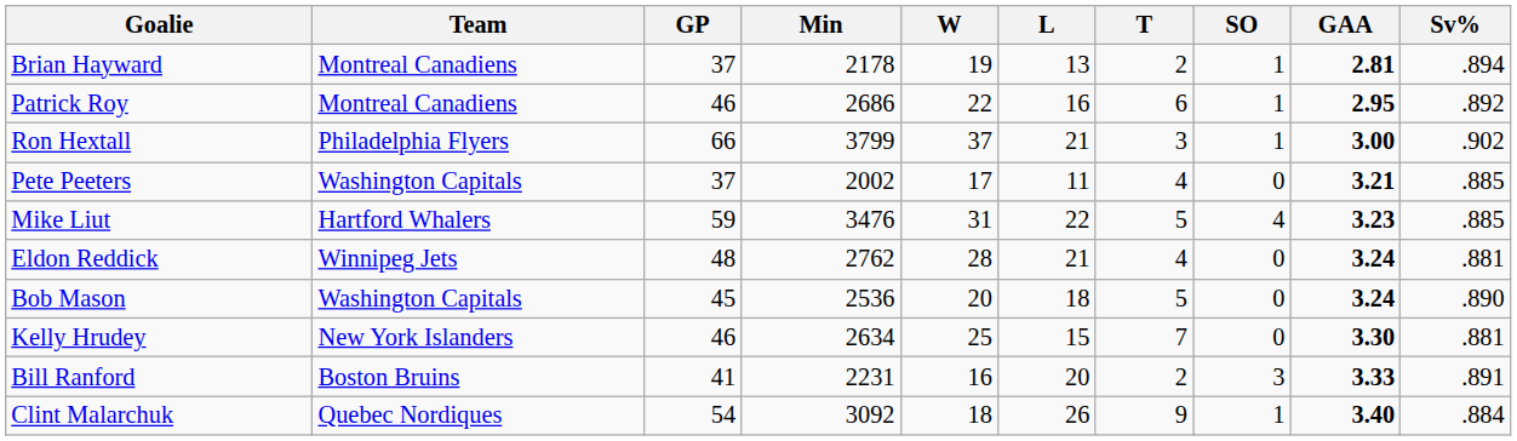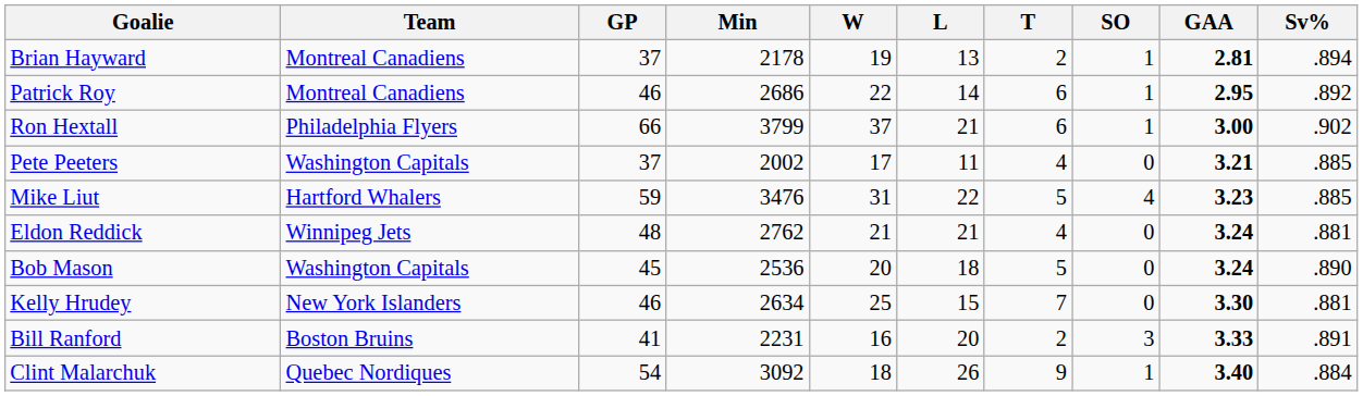 <table class="wikitable">
 <tr>
 <th style="align:left; width: 12em;">Goalie</th>
 <th style="align:left; width: 13em;">Team</th>
 <th style="width: 3.5em;">GP</th>
 <th style="width: 6em;">Min</th>
 <th style="width: 3.5em;">W</th>
 <th style="width: 3.5em;">L</th>
 <th style="width: 3.5em;">T</th>
 <th style="width: 3.5em;">SO</th>
 <th style="width: 4em;">GAA</th>
 <th style="width: 4em;">Sv%</th>
 </tr>
 <tr align="right">
 <td align="left"><a href='#'>Brian Hayward</a></td>
 <td align="left"><a href='#'>Montreal Canadiens</a></td>
 <td>37</td>
 <td>2178</td>
 <td>19</td>
 <td>13</td>
 <td>2</td>
 <td>1</td>
 <td><strong>2.81 </strong></td>
 <td>.894</td>
 </tr>
 <tr align="right">
 <td align="left"><a href='#'>Patrick Roy</a></td>
 <td align="left"><a href='#'>Montreal Canadiens</a></td>
 <td>46</td>
 <td>2686</td>
 <td>22</td>
-<td>16</td>
+<td>14</td>
 <td>6</td>
 <td>1</td>
 <td><strong>2.95 </strong></td>
 <td>.892</td>
 </tr>
 <tr align="right">
 <td align="left"><a href='#'>Ron Hextall</a></td>
 <td align="left"><a href='#'>Philadelphia Flyers</a></td>
 <td>66</td>
 <td>3799</td>
 <td>37</td>
 <td>21</td>
-<td>3</td>
+<td>6</td>
 <td>1</td>
 <td><strong>3.00 </strong></td>
 <td>.902</td>
 </tr>
 <tr align="right">
 <td align="left"><a href='#'>Pete Peeters</a></td>
 <td align="left"><a href='#'>Washington Capitals</a></td>
 <td>37</td>
 <td>2002</td>
 <td>17</td>
 <td>11</td>
 <td>4</td>
 <td>0</td>
 <td><strong>3.21 </strong></td>
 <td>.885</td>
 </tr>
 <tr align="right">
 <td align="left"><a href='#'>Mike Liut</a></td>
 <td align="left"><a href='#'>Hartford Whalers</a></td>
 <td>59</td>
 <td>3476</td>
 <td>31</td>
 <td>22</td>
 <td>5</td>
 <td>4</td>
 <td><strong>3.23</strong></td>
 <td>.885</td>
 </tr>
 <tr align="right">
 <td align="left"><a href='#'>Eldon Reddick</a></td>
 <td align="left"><a href='#'>Winnipeg Jets</a></td>
 <td>48</td>
 <td>2762</td>
-<td>28</td>
+<td>21</td>
 <td>21</td>
 <td>4</td>
 <td>0</td>
 <td><strong>3.24</strong></td>
 <td>.881</td>
 </tr>
 <tr align="right">
 <td align="left"><a href='#'>Bob Mason</a></td>
 <td align="left"><a href='#'>Washington Capitals</a></td>
 <td>45</td>
 <td>2536</td>
 <td>20</td>
 <td>18</td>
 <td>5</td>
 <td>0</td>
 <td><strong>3.24</strong></td>
 <td>.890</td>
 </tr>
 <tr align="right">
 <td align="left"><a href='#'>Kelly Hrudey</a></td>
 <td align="left"><a href='#'>New York Islanders</a></td>
 <td>46</td>
 <td>2634</td>
 <td>25</td>
 <td>15</td>
 <td>7</td>
 <td>0</td>
 <td><strong>3.30</strong></td>
 <td>.881</td>
 </tr>
 <tr align="right">
 <td align="left"><a href='#'>Bill Ranford</a></td>
 <td align="left"><a href='#'>Boston Bruins</a></td>
 <td>41</td>
 <td>2231</td>
 <td>16</td>
 <td>20</td>
 <td>2</td>
 <td>3</td>
 <td><strong>3.33</strong></td>
 <td>.891</td>
 </tr>
 <tr align="right">
 <td align="left"><a href='#'>Clint Malarchuk</a></td>
 <td align="left"><a href='#'>Quebec Nordiques</a></td>
 <td>54</td>
 <td>3092</td>
 <td>18</td>
 <td>26</td>
 <td>9</td>
 <td>1</td>
 <td><strong>3.40</strong></td>
 <td>.884</td>
 </tr>
 </table>
